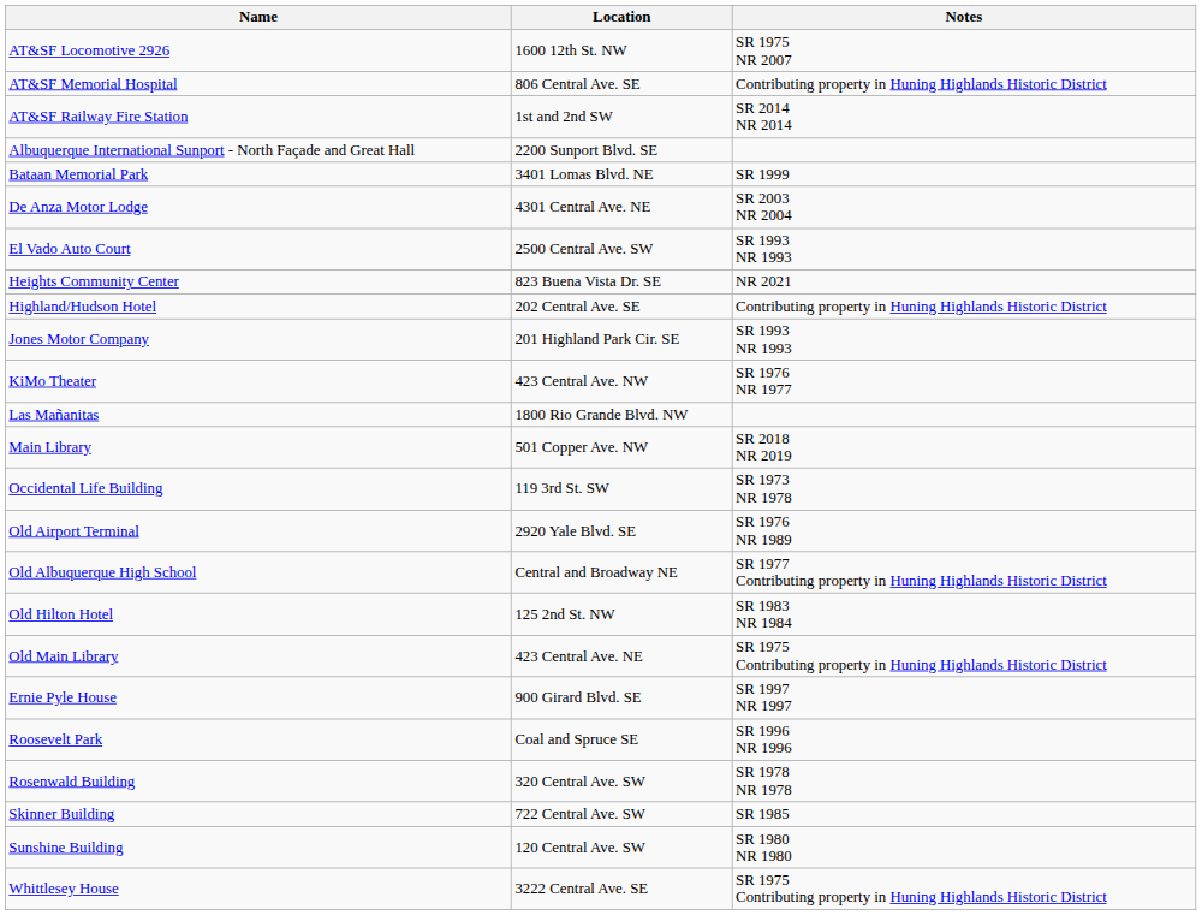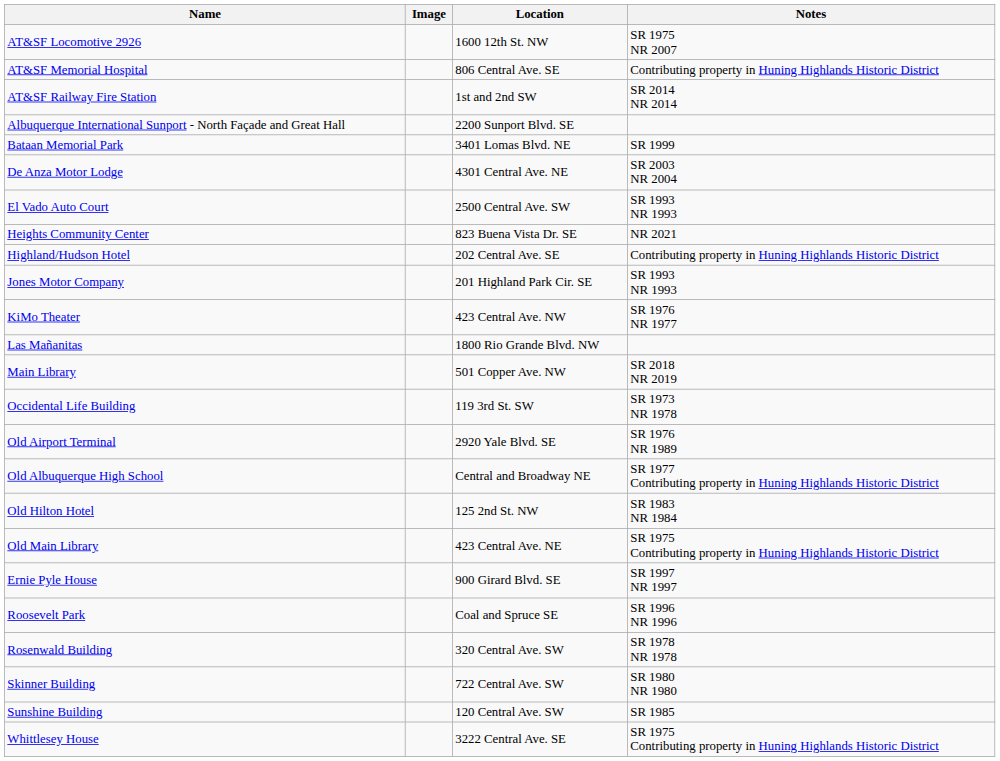 <table class="wikitable sortable" align="center" style="width:98%">
 <tr>
 <th style="background-color:">Name</th>
+<th style="background-color:">Image</th>
 <th style="background-color:">Location</th>
 <th style="background-color:">Notes</th>
 </tr>
 <tr ->
 <td><a href='#'>AT&SF Locomotive 2926</a></td>
+<td></td>
 <td>1600 12th St. NW<br><small></small></td>
 <td>SR 1975<br>NR 2007</td>
 </tr>
 <tr ->
 <td><a href='#'>AT&SF Memorial Hospital</a></td>
+<td></td>
 <td>806 Central Ave. SE<br><small></small></td>
 <td>Contributing property in <a href='#'>Huning Highlands Historic District</a></td>
 </tr>
 <tr ->
 <td><a href='#'>AT&SF Railway Fire Station</a></td>
+<td></td>
 <td>1st and 2nd SW<br><small></small></td>
 <td>SR 2014<br>NR 2014</td>
 </tr>
 <tr ->
 <td><a href='#'>Albuquerque International Sunport</a> - North Façade and Great Hall</td>
+<td></td>
 <td>2200 Sunport Blvd. SE<br><small></small></td>
 <td></td>
 </tr>
 <tr ->
 <td><a href='#'>Bataan Memorial Park</a></td>
+<td></td>
 <td>3401 Lomas Blvd. NE<br><small></small></td>
 <td>SR 1999</td>
 </tr>
 <tr ->
 <td><a href='#'>De Anza Motor Lodge</a></td>
+<td></td>
 <td>4301 Central Ave. NE<br><small></small></td>
 <td>SR 2003<br>NR 2004</td>
 </tr>
 <tr ->
 <td><a href='#'>El Vado Auto Court</a></td>
+<td></td>
 <td>2500 Central Ave. SW<br><small></small></td>
 <td>SR 1993<br>NR 1993</td>
 </tr>
 <tr ->
 <td><a href='#'>Heights Community Center</a></td>
+<td></td>
 <td>823 Buena Vista Dr. SE<br><small></small></td>
 <td>NR 2021</td>
 </tr>
 <tr ->
 <td><a href='#'>Highland/Hudson Hotel</a></td>
+<td></td>
 <td>202 Central Ave. SE<br><small></small></td>
 <td>Contributing property in <a href='#'>Huning Highlands Historic District</a></td>
 </tr>
 <tr ->
 <td><a href='#'>Jones Motor Company</a></td>
+<td></td>
 <td>201 Highland Park Cir. SE<br><small></small></td>
 <td>SR 1993<br>NR 1993</td>
 </tr>
 <tr ->
 <td><a href='#'>KiMo Theater</a></td>
+<td></td>
 <td>423 Central Ave. NW<br><small></small></td>
 <td>SR 1976<br>NR 1977</td>
 </tr>
 <tr ->
 <td><a href='#'>Las Mañanitas</a></td>
+<td></td>
 <td>1800 Rio Grande Blvd. NW<br><small></small></td>
 <td></td>
 </tr>
 <tr ->
 <td><a href='#'>Main Library</a></td>
+<td></td>
 <td>501 Copper Ave. NW<br><small></small></td>
 <td>SR 2018<br>NR 2019</td>
 </tr>
 <tr ->
 <td><a href='#'>Occidental Life Building</a></td>
+<td></td>
 <td>119 3rd St. SW<br><small></small></td>
 <td>SR 1973<br>NR 1978</td>
 </tr>
 <tr ->
 <td><a href='#'>Old Airport Terminal</a></td>
+<td></td>
 <td>2920 Yale Blvd. SE<br><small></small></td>
 <td>SR 1976<br>NR 1989</td>
 </tr>
 <tr ->
 <td><a href='#'>Old Albuquerque High School</a></td>
+<td></td>
 <td>Central and Broadway NE<br><small></small></td>
 <td>SR 1977<br>Contributing property in <a href='#'>Huning Highlands Historic District</a></td>
 </tr>
 <tr ->
 <td><a href='#'>Old Hilton Hotel</a></td>
+<td></td>
 <td>125 2nd St. NW<br><small></small></td>
 <td>SR 1983<br>NR 1984</td>
 </tr>
 <tr ->
 <td><a href='#'>Old Main Library</a></td>
+<td></td>
 <td>423 Central Ave. NE<br><small></small></td>
 <td>SR 1975<br>Contributing property in <a href='#'>Huning Highlands Historic District</a></td>
 </tr>
 <tr ->
 <td><a href='#'>Ernie Pyle House</a></td>
+<td></td>
 <td>900 Girard Blvd. SE<br><small></small></td>
 <td>SR 1997<br>NR 1997</td>
 </tr>
 <tr ->
 <td><a href='#'>Roosevelt Park</a></td>
+<td></td>
 <td>Coal and Spruce SE<br><small></small></td>
 <td>SR 1996<br>NR 1996</td>
 </tr>
 <tr ->
 <td><a href='#'>Rosenwald Building</a></td>
+<td></td>
 <td>320 Central Ave. SW<br><small></small></td>
 <td>SR 1978<br>NR 1978</td>
 </tr>
 <tr ->
 <td><a href='#'>Skinner Building</a></td>
+<td></td>
 <td>722 Central Ave. SW<br><small></small></td>
+<td>SR 1980<br>NR 1980</td>
+</tr>
+<tr ->
+<td><a href='#'>Sunshine Building</a></td>
+<td></td>
+<td>120 Central Ave. SW<br><small></small></td>
 <td>SR 1985</td>
 </tr>
 <tr ->
-<td><a href='#'>Sunshine Building</a></td>
-<td>120 Central Ave. SW<br><small></small></td>
-<td>SR 1980<br>NR 1980</td>
-</tr>
-<tr ->
 <td><a href='#'>Whittlesey House</a></td>
+<td></td>
 <td>3222 Central Ave. SE<br><small></small></td>
 <td>SR 1975<br>Contributing property in <a href='#'>Huning Highlands Historic District</a></td>
 </tr>
 </table>
